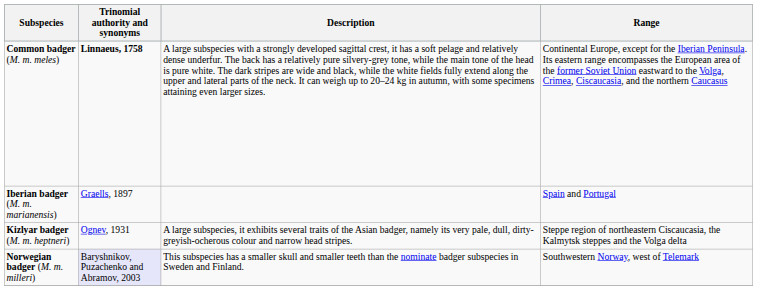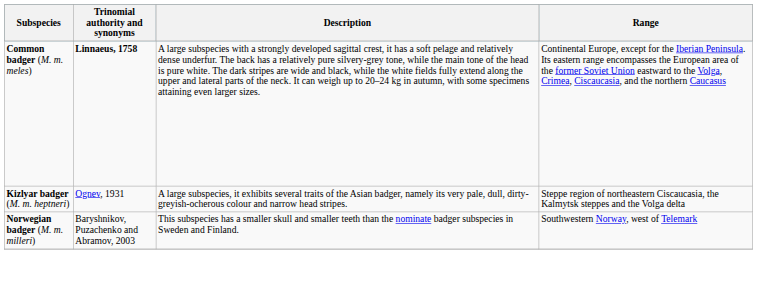 <table class="wikitable collapsible" font=90%>
 <tr bgcolor="#115a6c">
 <th>Subspecies</th>
 <th>Trinomial authority and synonyms</th>
 <th>Description</th>
 <th>Range</th>
 </tr>
 <tr style="vertical-align: top;">
 <td><strong>Common badger</strong> (<em>M. m. meles</em>)<br></td>
 <td><strong>Linnaeus, 1758<br><br><br> <br> <br> <br> <br> <br> <br> <br> <br> <br> <br> </strong></td>
 <td>A large subspecies with a strongly developed sagittal crest, it has a soft pelage and relatively dense underfur. The back has a relatively pure silvery-grey tone, while the main tone of the head is pure white. The dark stripes are wide and black, while the white fields fully extend along the upper and lateral parts of the neck. It can weigh up to 20–24 kg in autumn, with some specimens attaining even larger sizes.</td>
 <td>Continental Europe, except for the <a href='#'>Iberian Peninsula</a>. Its eastern range encompasses the European area of the <a href='#'>former Soviet Union</a> eastward to the <a href='#'>Volga</a>, <a href='#'>Crimea</a>, <a href='#'>Ciscaucasia</a>, and the northern <a href='#'>Caucasus</a></td>
 </tr>
 <tr style="vertical-align: top;">
-<td><strong>Iberian badger</strong> (<em>M. m. marianensis</em>)</td>
-<td><a href='#'>Graells</a>, 1897 <br><br></td>
-<td></td>
-<td><a href='#'>Spain</a> and <a href='#'>Portugal</a></td>
-</tr>
-<tr style="vertical-align: top;">
 <td><strong>Kizlyar badger</strong> (<em>M. m. heptneri</em>)</td>
 <td><a href='#'>Ognev</a>, 1931</td>
 <td>A large subspecies, it exhibits several traits of the Asian badger, namely its very pale, dull, dirty-greyish-ocherous colour and narrow head stripes.</td>
 <td>Steppe region of northeastern Ciscaucasia, the Kalmytsk steppes and the Volga delta</td>
 </tr>
 <tr style="vertical-align: top;">
 <td><strong>Norwegian badger</strong> (<em>M. m. milleri</em>)<br></td>
-<td style="background: lavender;">Baryshnikov, Puzachenko and Abramov, 2003</td>
+<td>Baryshnikov, Puzachenko and Abramov, 2003</td>
 <td>This subspecies has a smaller skull and smaller teeth than the <a href='#'>nominate</a> badger subspecies in Sweden and Finland.</td>
 <td>Southwestern <a href='#'>Norway</a>, west of <a href='#'>Telemark</a></td>
 </tr>
 <tr>
 </tr>
 </table>
